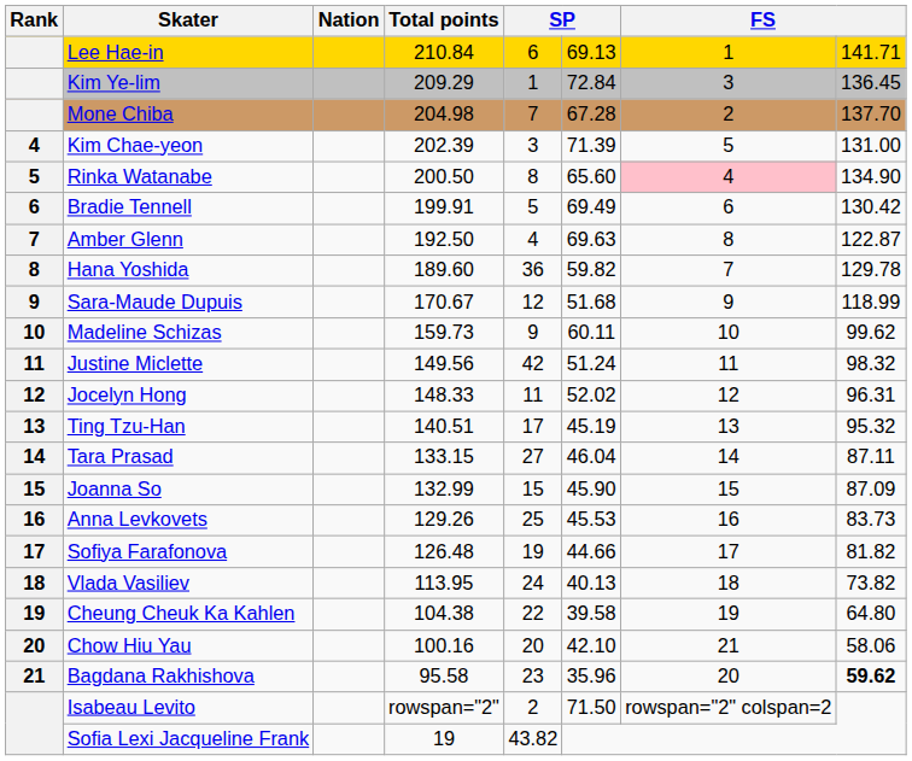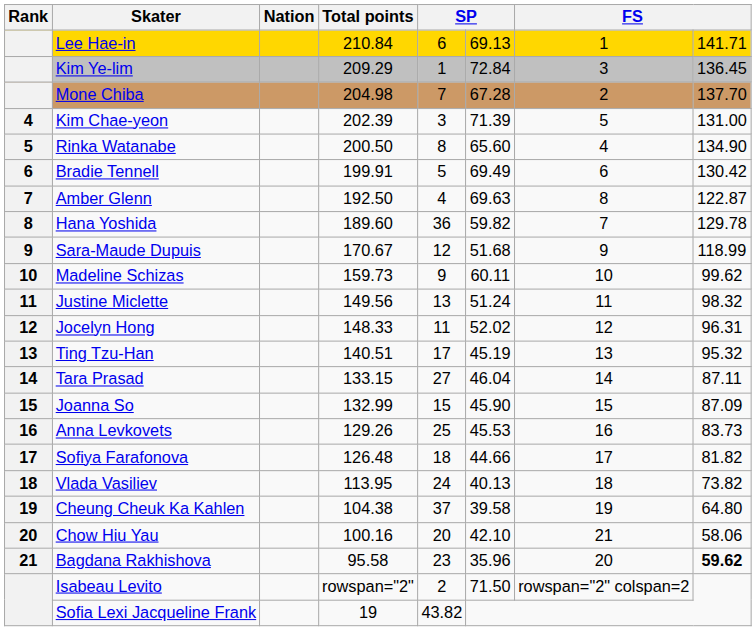 <table class="wikitable sortable" style="text-align:left">
 <tr>
 <th scope="col">Rank</th>
 <th scope="col">Skater</th>
 <th scope="col">Nation</th>
 <th scope="col">Total points</th>
 <th scope="col" colspan="2" width="80px"><a href='#'>SP</a></th>
 <th scope="col" colspan="2" width="80px"><a href='#'>FS</a></th>
 </tr>
 <tr bgcolor="gold">
 <th scope="row"></th>
 <td><a href='#'>Lee Hae-in</a></td>
 <td></td>
 <td align="center">210.84</td>
 <td align="center">6</td>
 <td align="center">69.13</td>
 <td align="center">1</td>
 <td align="center">141.71</td>
 </tr>
 <tr bgcolor="silver">
 <th scope="row"></th>
 <td><a href='#'>Kim Ye-lim</a></td>
 <td></td>
 <td align="center">209.29</td>
 <td align="center">1</td>
 <td align="center">72.84</td>
 <td align="center">3</td>
 <td align="center">136.45</td>
 </tr>
 <tr bgcolor="cc9966">
 <th scope="row"></th>
 <td><a href='#'>Mone Chiba</a></td>
 <td></td>
 <td align="center">204.98</td>
 <td align="center">7</td>
 <td align="center">67.28</td>
 <td align="center">2</td>
 <td align="center">137.70</td>
 </tr>
 <tr>
 <th scope="row">4</th>
 <td><a href='#'>Kim Chae-yeon</a></td>
 <td></td>
 <td align="center">202.39</td>
 <td align="center">3</td>
 <td align="center">71.39</td>
 <td align="center">5</td>
 <td align="center">131.00</td>
 </tr>
 <tr>
 <th scope="row">5</th>
 <td><a href='#'>Rinka Watanabe</a></td>
 <td></td>
 <td align="center">200.50</td>
 <td align="center">8</td>
 <td align="center">65.60</td>
-<td align="center" style="background: pink;">4</td>
+<td align="center">4</td>
 <td align="center">134.90</td>
 </tr>
 <tr>
 <th scope="row">6</th>
 <td><a href='#'>Bradie Tennell</a></td>
 <td></td>
 <td align="center">199.91</td>
 <td align="center">5</td>
 <td align="center">69.49</td>
 <td align="center">6</td>
 <td align="center">130.42</td>
 </tr>
 <tr>
 <th scope="row">7</th>
 <td><a href='#'>Amber Glenn</a></td>
 <td></td>
 <td align="center">192.50</td>
 <td align="center">4</td>
 <td align="center">69.63</td>
 <td align="center">8</td>
 <td align="center">122.87</td>
 </tr>
 <tr>
 <th scope="row">8</th>
 <td><a href='#'>Hana Yoshida</a></td>
 <td></td>
 <td align="center">189.60</td>
 <td align="center">36</td>
 <td align="center">59.82</td>
 <td align="center">7</td>
 <td align="center">129.78</td>
 </tr>
 <tr>
 <th scope="row">9</th>
 <td><a href='#'>Sara-Maude Dupuis</a></td>
 <td></td>
 <td align="center">170.67</td>
 <td align="center">12</td>
 <td align="center">51.68</td>
 <td align="center">9</td>
 <td align="center">118.99</td>
 </tr>
 <tr>
 <th scope="row">10</th>
 <td><a href='#'>Madeline Schizas</a></td>
 <td></td>
 <td align="center">159.73</td>
 <td align="center">9</td>
 <td align="center">60.11</td>
 <td align="center">10</td>
 <td align="center">99.62</td>
 </tr>
 <tr>
 <th scope="row">11</th>
 <td><a href='#'>Justine Miclette</a></td>
 <td></td>
 <td align="center">149.56</td>
-<td align="center">42</td>
+<td align="center">13</td>
 <td align="center">51.24</td>
 <td align="center">11</td>
 <td align="center">98.32</td>
 </tr>
 <tr>
 <th scope="row">12</th>
 <td><a href='#'>Jocelyn Hong</a></td>
 <td></td>
 <td align="center">148.33</td>
 <td align="center">11</td>
 <td align="center">52.02</td>
 <td align="center">12</td>
 <td align="center">96.31</td>
 </tr>
 <tr>
 <th scope="row">13</th>
 <td><a href='#'>Ting Tzu-Han</a></td>
 <td></td>
 <td align="center">140.51</td>
 <td align="center">17</td>
 <td align="center">45.19</td>
 <td align="center">13</td>
 <td align="center">95.32</td>
 </tr>
 <tr>
 <th scope="row">14</th>
 <td><a href='#'>Tara Prasad</a></td>
 <td></td>
 <td align="center">133.15</td>
 <td align="center">27</td>
 <td align="center">46.04</td>
 <td align="center">14</td>
 <td align="center">87.11</td>
 </tr>
 <tr>
 <th scope="row">15</th>
 <td><a href='#'>Joanna So</a></td>
 <td></td>
 <td align="center">132.99</td>
 <td align="center">15</td>
 <td align="center">45.90</td>
 <td align="center">15</td>
 <td align="center">87.09</td>
 </tr>
 <tr>
 <th scope="row">16</th>
 <td><a href='#'>Anna Levkovets</a></td>
 <td></td>
 <td align="center">129.26</td>
 <td align="center">25</td>
 <td align="center">45.53</td>
 <td align="center">16</td>
 <td align="center">83.73</td>
 </tr>
 <tr>
 <th scope="row">17</th>
 <td><a href='#'>Sofiya Farafonova</a></td>
 <td></td>
 <td align="center">126.48</td>
-<td align="center">19</td>
+<td align="center">18</td>
 <td align="center">44.66</td>
 <td align="center">17</td>
 <td align="center">81.82</td>
 </tr>
 <tr>
 <th scope="row">18</th>
 <td><a href='#'>Vlada Vasiliev</a></td>
 <td></td>
 <td align="center">113.95</td>
 <td align="center">24</td>
 <td align="center">40.13</td>
 <td align="center">18</td>
 <td align="center">73.82</td>
 </tr>
 <tr>
 <th scope="row">19</th>
 <td><a href='#'>Cheung Cheuk Ka Kahlen</a></td>
 <td></td>
 <td align="center">104.38</td>
-<td align="center">22</td>
+<td align="center">37</td>
 <td align="center">39.58</td>
 <td align="center">19</td>
 <td align="center">64.80</td>
 </tr>
 <tr>
 <th scope="row">20</th>
 <td><a href='#'>Chow Hiu Yau</a></td>
 <td></td>
 <td align="center">100.16</td>
 <td align="center">20</td>
 <td align="center">42.10</td>
 <td align="center">21</td>
 <td align="center">58.06</td>
 </tr>
 <tr>
 <th scope="row">21</th>
 <td><a href='#'>Bagdana Rakhishova</a></td>
 <td></td>
 <td align="center">95.58</td>
 <td align="center">23</td>
 <td align="center">35.96</td>
 <td align="center">20</td>
 <td align="center"><strong>59.62</strong></td>
 </tr>
 <tr>
 <th rowspan="2" scope="row"></th>
 <td><a href='#'>Isabeau Levito</a></td>
 <td></td>
 <td>rowspan="2" </td>
 <td align="center">2</td>
 <td align="center">71.50</td>
 <td>rowspan="2" colspan=2 </td>
 </tr>
 <tr>
 <td><a href='#'>Sofia Lexi Jacqueline Frank</a></td>
 <td></td>
 <td align="center">19</td>
 <td align="center">43.82</td>
 </tr>
 </table>
